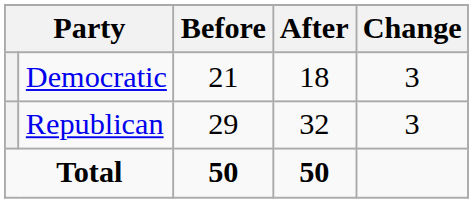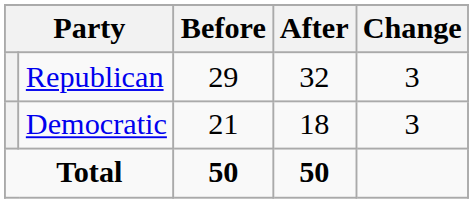 <table class="wikitable" style="text-align:center;">
 <tr>
 </tr>
 <tr>
 <th colspan=2>Party</th>
 <th>Before</th>
 <th>After</th>
 <th>Change</th>
 </tr>
 <tr>
 <th style="background-color:"></th>
-<td style="text-align:left;"><a href='#'>Democratic</a></td>
-<td>21</td>
-<td>18</td>
+<td style="text-align:left;"><a href='#'>Republican</a></td>
+<td>29</td>
+<td>32</td>
 <td> 3</td>
 </tr>
 <tr>
 <th style="background-color:"></th>
-<td style="text-align:left;"><a href='#'>Republican</a></td>
-<td>29</td>
-<td>32</td>
+<td style="text-align:left;"><a href='#'>Democratic</a></td>
+<td>21</td>
+<td>18</td>
 <td> 3</td>
 </tr>
 <tr>
 <td colspan=2><strong>Total</strong></td>
 <td><strong>50</strong></td>
 <td><strong>50</strong></td>
 <td></td>
 </tr>
 </table>
